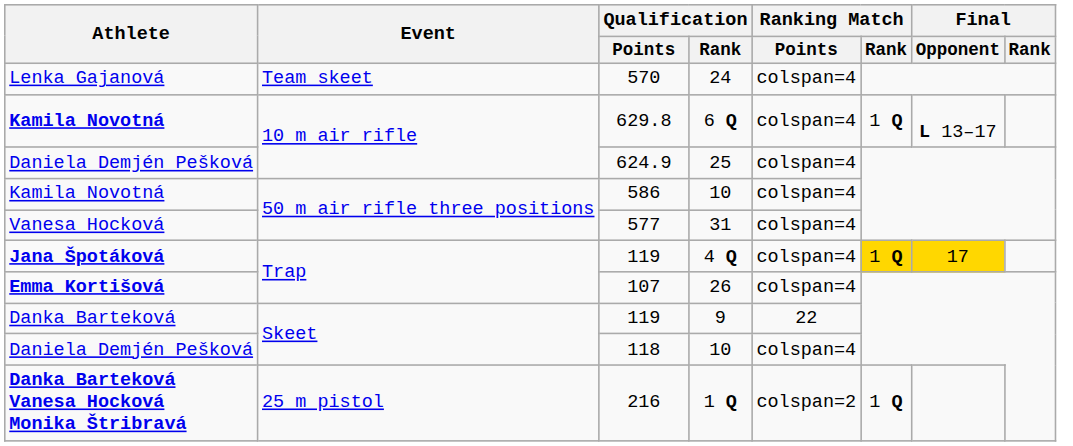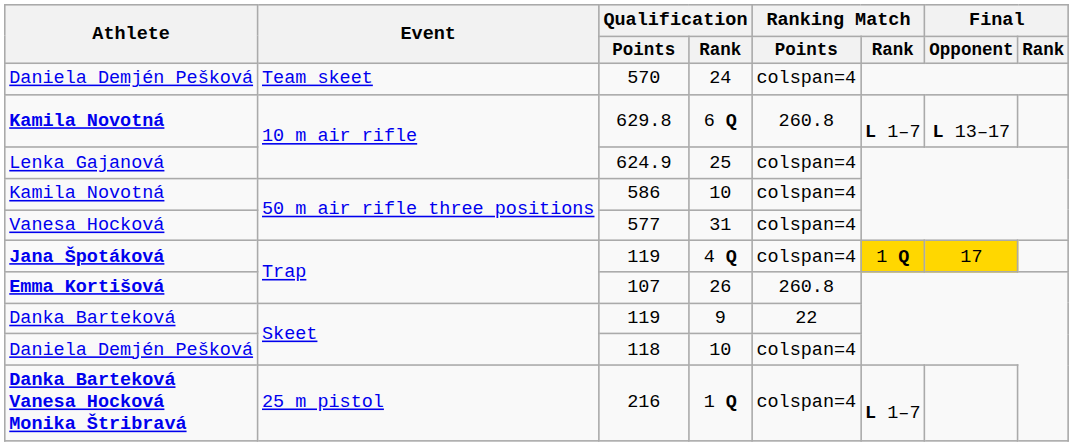 <table class="wikitable" style="font-size:90%">
 <tr>
 <th rowspan="2">Athlete</th>
 <th rowspan="2">Event</th>
 <th colspan=2>Qualification</th>
 <th colspan=2>Ranking Match</th>
 <th colspan=2>Final</th>
 </tr>
 <tr style="font-size:95%">
 <th>Points</th>
 <th>Rank</th>
 <th>Points</th>
 <th>Rank</th>
 <th>Opponent</th>
 <th>Rank</th>
 </tr>
 <tr align=center>
-<td align=left><a href='#'>Lenka Gajanová</a></td>
+<td align=left><a href='#'>Daniela Demjén Pešková</a></td>
 <td align=left><a href='#'>Team skeet</a></td>
 <td>570</td>
 <td>24</td>
 <td>colspan=4 </td>
 </tr>
 <tr align=center>
 <td align=left><strong><a href='#'>Kamila Novotná</a></strong></td>
 <td rowspan="2" align="left"><a href='#'>10 m air rifle</a></td>
 <td>629.8</td>
 <td>6 <strong>Q</strong></td>
-<td>colspan=4 </td>
-<td>1 <strong>Q</strong></td>
+<td>260.8</td>
+<td><br><strong>L</strong> 1–7</td>
 <td><br><strong>L</strong> 13–17</td>
 <td></td>
 </tr>
 <tr align=center>
-<td align=left><a href='#'>Daniela Demjén Pešková</a></td>
+<td align=left><a href='#'>Lenka Gajanová</a></td>
 <td>624.9</td>
 <td>25</td>
 <td>colspan=4 </td>
 </tr>
 <tr align=center>
 <td align=left><a href='#'>Kamila Novotná</a></td>
 <td rowspan=2 align=left><a href='#'>50 m air rifle three positions</a></td>
 <td>586</td>
 <td>10</td>
 <td>colspan=4 </td>
 </tr>
 <tr align=center>
 <td align=left><a href='#'>Vanesa Hocková</a></td>
 <td>577</td>
 <td>31</td>
 <td>colspan=4 </td>
 </tr>
 <tr align="center">
 <td align=left><strong><a href='#'>Jana Špotáková</a></strong></td>
 <td rowspan=2 align=left><a href='#'>Trap</a></td>
 <td>119</td>
 <td>4 <strong>Q</strong></td>
 <td>colspan=4 </td>
 <td style="background: gold;">1 <strong>Q</strong></td>
 <td style="background: gold;">17</td>
 <td></td>
 </tr>
 <tr align=center>
 <td align=left><strong><a href='#'>Emma Kortišová</a></strong></td>
 <td>107</td>
 <td>26</td>
-<td>colspan=4 </td>
+<td>260.8</td>
 </tr>
 <tr align=center>
 <td align=left><a href='#'>Danka Barteková</a></td>
 <td align=left rowspan=2><a href='#'>Skeet</a></td>
 <td>119</td>
 <td>9</td>
 <td>22</td>
 </tr>
 <tr align=center>
 <td align=left><a href='#'>Daniela Demjén Pešková</a></td>
 <td>118</td>
 <td>10</td>
 <td>colspan=4 </td>
 </tr>
 <tr align=center>
 <td align=left><strong><a href='#'>Danka Barteková</a></strong><br><strong><a href='#'>Vanesa Hocková</a></strong><br><strong><a href='#'>Monika Štribravá</a></strong></td>
 <td align="left"><a href='#'>25 m pistol</a></td>
 <td>216</td>
 <td>1 <strong>Q</strong></td>
-<td>colspan=2 </td>
-<td>1 <strong>Q</strong></td>
+<td>colspan=4 </td>
+<td><br><strong>L</strong> 1–7</td>
 <td></td>
 </tr>
 </table>
